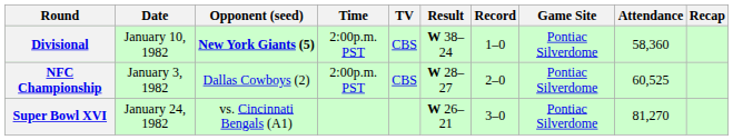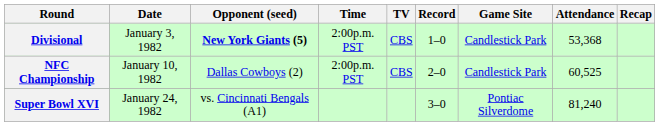 <table class="wikitable" style="text-align:center">
 <tr>
 <th>Round</th>
 <th>Date</th>
 <th>Opponent (seed)</th>
 <th>Time</th>
 <th>TV</th>
-<th>Result</th>
 <th>Record</th>
 <th>Game Site</th>
 <th>Attendance</th>
 <th>Recap</th>
 </tr>
 <tr style="background:#cfc">
 <th><a href='#'>Divisional</a></th>
-<td>January 10, 1982</td>
+<td>January 3, 1982</td>
 <td><strong><a href='#'>New York Giants</a> (5)</strong></td>
 <td>2:00p.m. <a href='#'>PST</a></td>
 <td><a href='#'>CBS</a></td>
-<td><strong>W</strong> 38–24</td>
 <td>1–0</td>
-<td><a href='#'>Pontiac Silverdome</a></td>
-<td>58,360</td>
+<td><a href='#'>Candlestick Park</a></td>
+<td>53,368</td>
 <td></td>
 </tr>
 <tr style="background:#cfc">
 <th><a href='#'>NFC Championship</a></th>
-<td>January 3, 1982</td>
+<td>January 10, 1982</td>
 <td><a href='#'>Dallas Cowboys</a> (2)</td>
 <td>2:00p.m. <a href='#'>PST</a></td>
 <td><a href='#'>CBS</a></td>
-<td><strong>W</strong> 28–27</td>
 <td>2–0</td>
-<td><a href='#'>Pontiac Silverdome</a></td>
+<td><a href='#'>Candlestick Park</a></td>
 <td>60,525</td>
 <td></td>
 </tr>
 <tr style="background:#cfc">
 <th><a href='#'>Super Bowl XVI</a></th>
 <td>January 24, 1982</td>
 <td>vs. <a href='#'>Cincinnati Bengals</a> (A1)</td>
 <td></td>
 <td></td>
-<td><strong>W</strong> 26–21</td>
 <td>3–0</td>
 <td><a href='#'>Pontiac Silverdome</a></td>
-<td>81,270</td>
+<td>81,240</td>
 <td></td>
 </tr>
 </table>
